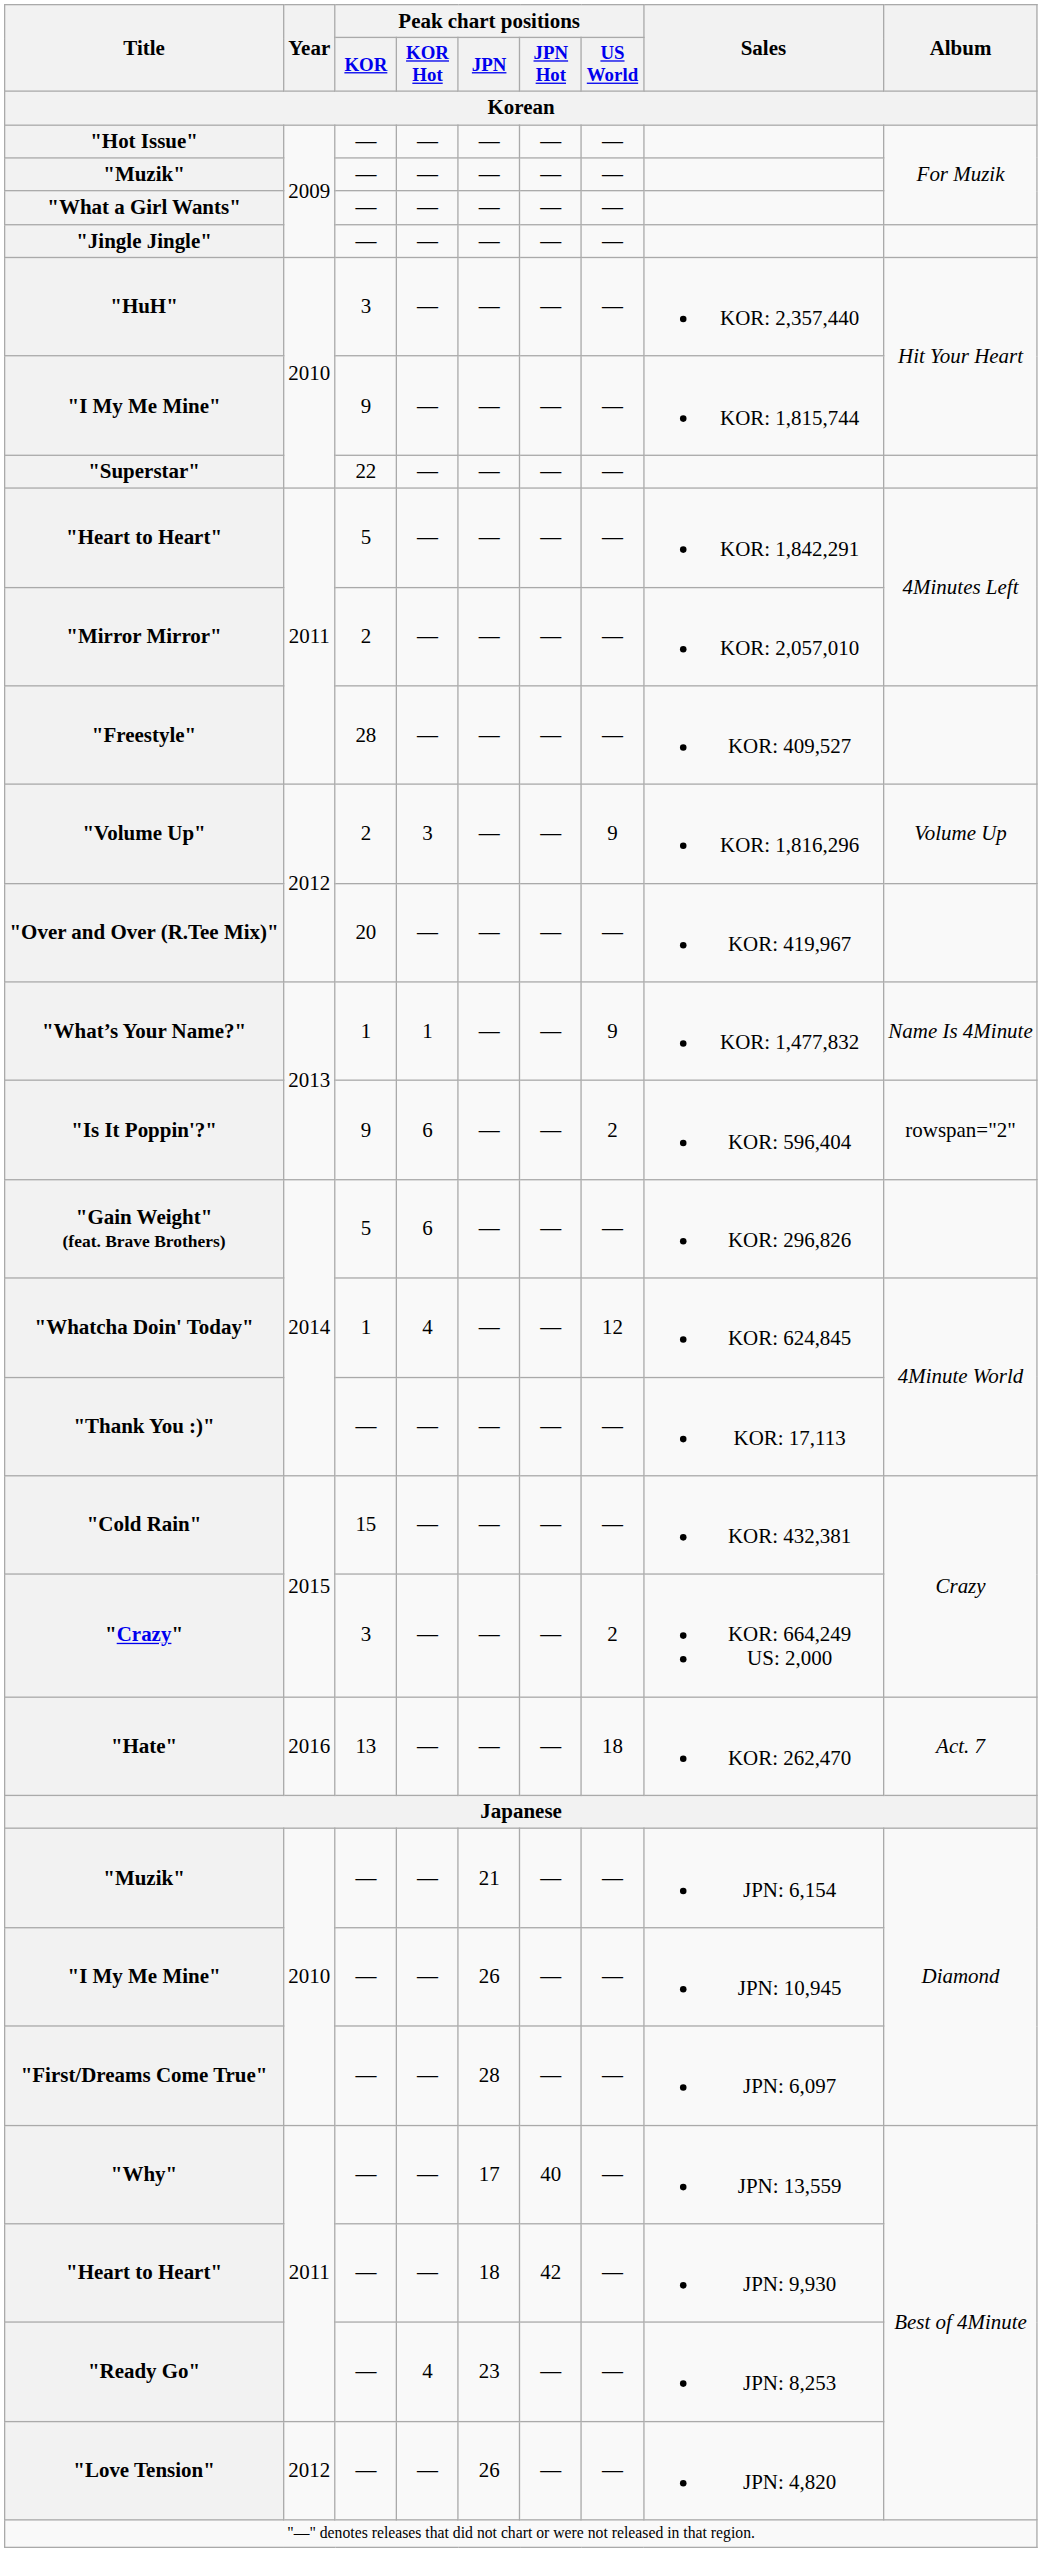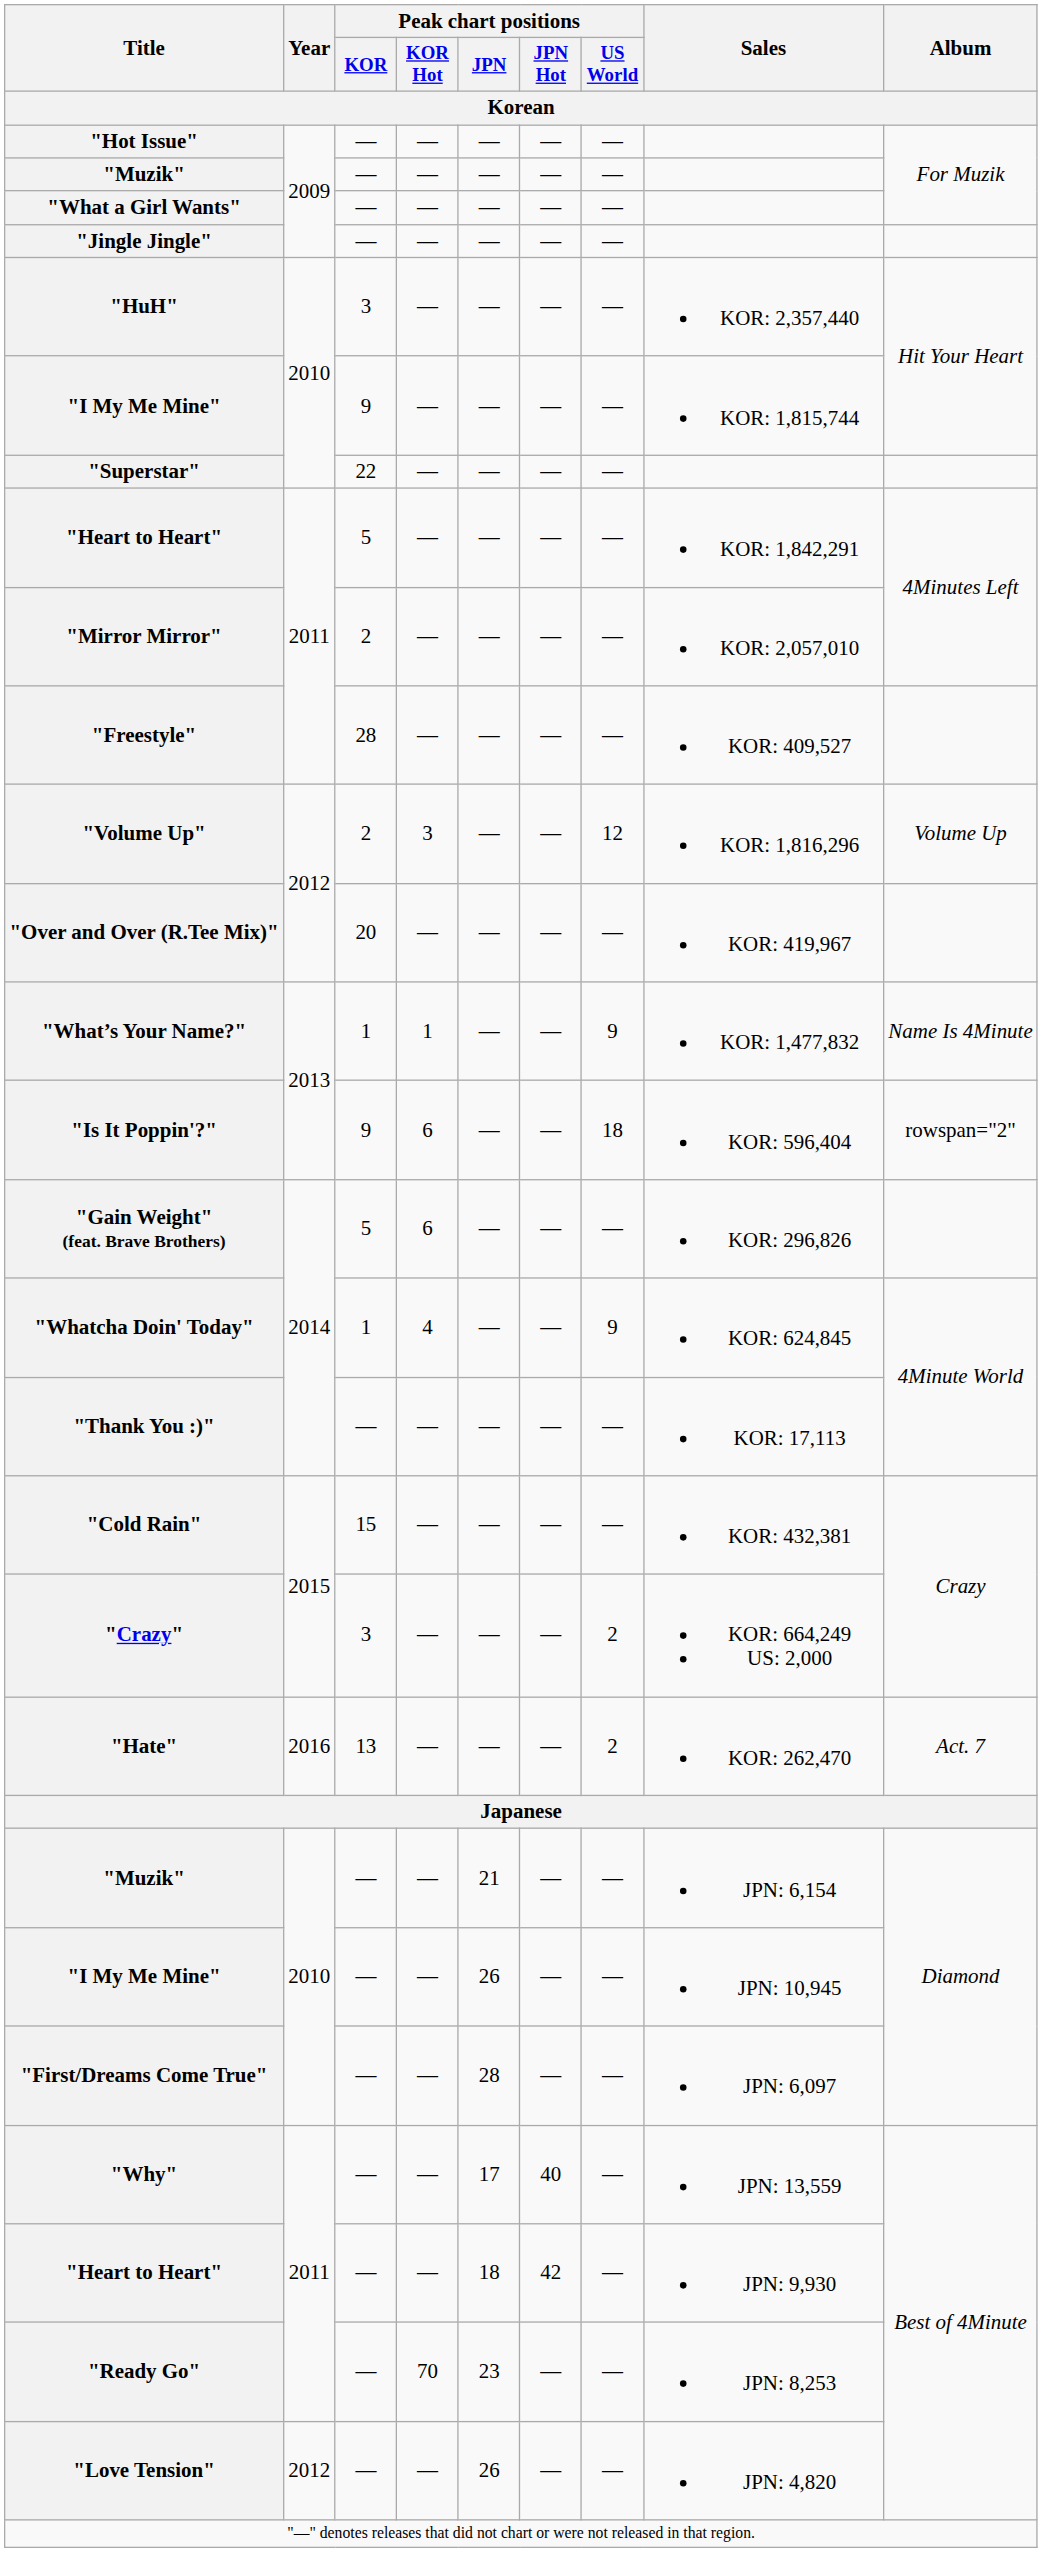 <table class="wikitable plainrowheaders" style="text-align:center;">
 <tr>
 <th rowspan="2" scope="col">Title</th>
 <th rowspan="2" scope="col">Year</th>
 <th scope="col" colspan="5">Peak chart positions</th>
 <th rowspan="2" scope="col" style="width:11em">Sales<br></th>
 <th rowspan="2" scope="col">Album</th>
 </tr>
 <tr>
 <th scope="col" style="width:2.8em;font-size:90%"><a href='#'>KOR</a> <br></th>
 <th scope="col" style="width:2.8em;font-size:90%"><a href='#'>KOR Hot</a><br></th>
 <th scope="col" style="width:2.8em;font-size:90%"><a href='#'>JPN</a><br></th>
 <th scope="col" style="width:2.8em;font-size:90%"><a href='#'>JPN Hot</a><br></th>
 <th scope="col" style="width:2.8em;font-size:90%"><a href='#'>US World</a><br></th>
 </tr>
 <tr>
 <th colspan="9">Korean</th>
 </tr>
 <tr>
 <th scope="row">"Hot Issue"</th>
 <td rowspan="4">2009</td>
 <td>—</td>
 <td>—</td>
 <td>—</td>
 <td>—</td>
 <td>—</td>
 <td></td>
 <td rowspan="3"><em>For Muzik</em></td>
 </tr>
 <tr>
 <th scope="row">"Muzik"</th>
 <td>—</td>
 <td>—</td>
 <td>—</td>
 <td>—</td>
 <td>—</td>
 <td></td>
 </tr>
 <tr>
 <th scope="row">"What a Girl Wants"</th>
 <td>—</td>
 <td>—</td>
 <td>—</td>
 <td>—</td>
 <td>—</td>
 <td></td>
 </tr>
 <tr>
 <th scope="row">"Jingle Jingle"</th>
 <td>—</td>
 <td>—</td>
 <td>—</td>
 <td>—</td>
 <td>—</td>
 <td></td>
 <td></td>
 </tr>
 <tr>
 <th scope="row">"HuH"</th>
 <td rowspan="3">2010</td>
 <td>3</td>
 <td>—</td>
 <td>—</td>
 <td>—</td>
 <td>—</td>
 <td><br><ul><li>KOR: 2,357,440</li></ul></td>
 <td rowspan="2"><em>Hit Your Heart</em></td>
 </tr>
 <tr>
 <th scope="row">"I My Me Mine"</th>
 <td>9</td>
 <td>—</td>
 <td>—</td>
 <td>—</td>
 <td>—</td>
 <td><br><ul><li>KOR: 1,815,744</li></ul></td>
 </tr>
 <tr>
 <th scope="row">"Superstar"</th>
 <td>22</td>
 <td>—</td>
 <td>—</td>
 <td>—</td>
 <td>—</td>
 <td></td>
 <td></td>
 </tr>
 <tr>
 <th scope="row">"Heart to Heart"</th>
 <td rowspan="3">2011</td>
 <td>5</td>
 <td>—</td>
 <td>—</td>
 <td>—</td>
 <td>—</td>
 <td><br><ul><li>KOR: 1,842,291</li></ul></td>
 <td rowspan="2"><em>4Minutes Left</em></td>
 </tr>
 <tr>
 <th scope="row">"Mirror Mirror" </th>
 <td>2</td>
 <td>—</td>
 <td>—</td>
 <td>—</td>
 <td>—</td>
 <td><br><ul><li>KOR: 2,057,010</li></ul></td>
 </tr>
 <tr>
 <th scope="row">"Freestyle"</th>
 <td>28</td>
 <td>—</td>
 <td>—</td>
 <td>—</td>
 <td>—</td>
 <td><br><ul><li>KOR: 409,527</li></ul></td>
 <td></td>
 </tr>
 <tr>
 <th scope="row">"Volume Up"</th>
 <td rowspan="2">2012</td>
 <td>2</td>
 <td>3</td>
 <td>—</td>
 <td>—</td>
-<td>9</td>
+<td>12</td>
 <td><br><ul><li>KOR: 1,816,296</li></ul></td>
 <td><em>Volume Up</em></td>
 </tr>
 <tr>
 <th scope="row">"Over and Over (R.Tee Mix)"</th>
 <td>20</td>
 <td>—</td>
 <td>—</td>
 <td>—</td>
 <td>—</td>
 <td><br><ul><li>KOR: 419,967</li></ul></td>
 <td></td>
 </tr>
 <tr>
 <th scope="row">"What’s Your Name?" </th>
 <td rowspan="2">2013</td>
 <td>1</td>
 <td>1</td>
 <td>—</td>
 <td>—</td>
 <td>9</td>
 <td><br><ul><li>KOR: 1,477,832</li></ul></td>
 <td><em>Name Is 4Minute</em></td>
 </tr>
 <tr>
 <th scope="row">"Is It Poppin'?" </th>
 <td>9</td>
 <td>6</td>
 <td>—</td>
 <td>—</td>
-<td>2</td>
+<td>18</td>
 <td><br><ul><li>KOR: 596,404</li></ul></td>
 <td>rowspan="2" </td>
 </tr>
 <tr>
 <th scope="row">"Gain Weight" <br><small>(feat. Brave Brothers)</small></th>
 <td rowspan="3">2014</td>
 <td>5</td>
 <td>6</td>
 <td>—</td>
 <td>—</td>
 <td>—</td>
 <td><br><ul><li>KOR: 296,826</li></ul></td>
 </tr>
 <tr>
 <th scope="row">"Whatcha Doin' Today" </th>
 <td>1</td>
 <td>4</td>
 <td>—</td>
 <td>—</td>
-<td>12</td>
+<td>9</td>
 <td><br><ul><li>KOR: 624,845</li></ul></td>
 <td rowspan="2"><em>4Minute World</em></td>
 </tr>
 <tr>
 <th scope="row">"Thank You :)" </th>
 <td>—</td>
 <td>—</td>
 <td>—</td>
 <td>—</td>
 <td>—</td>
 <td><br><ul><li>KOR: 17,113</li></ul></td>
 </tr>
 <tr>
 <th scope="row">"Cold Rain" </th>
 <td rowspan="2">2015</td>
 <td>15</td>
 <td>—</td>
 <td>—</td>
 <td>—</td>
 <td>—</td>
 <td><br><ul><li>KOR: 432,381</li></ul></td>
 <td rowspan="2"><em>Crazy</em></td>
 </tr>
 <tr>
 <th scope="row">"<a href='#'>Crazy</a>" </th>
 <td>3</td>
 <td>—</td>
 <td>—</td>
 <td>—</td>
 <td>2</td>
 <td><br><ul><li>KOR: 664,249</li><li>US: 2,000</li></ul></td>
 </tr>
 <tr>
 <th scope="row">"Hate" </th>
 <td>2016</td>
 <td>13</td>
 <td>—</td>
 <td>—</td>
 <td>—</td>
-<td>18</td>
+<td>2</td>
 <td><br><ul><li>KOR: 262,470</li></ul></td>
 <td><em>Act. 7</em></td>
 </tr>
 <tr>
 <th colspan="9">Japanese</th>
 </tr>
 <tr>
 <th scope="row">"Muzik"</th>
 <td rowspan="3">2010</td>
 <td>—</td>
 <td>—</td>
 <td>21</td>
 <td>—</td>
 <td>—</td>
 <td><br><ul><li>JPN: 6,154 </li></ul></td>
 <td rowspan="3"><em>Diamond</em></td>
 </tr>
 <tr>
 <th scope="row">"I My Me Mine"</th>
 <td>—</td>
 <td>—</td>
 <td>26</td>
 <td>—</td>
 <td>—</td>
 <td><br><ul><li>JPN: 10,945 </li></ul></td>
 </tr>
 <tr>
 <th scope="row">"First/Dreams Come True"</th>
 <td>—</td>
 <td>—</td>
 <td>28</td>
 <td>—</td>
 <td>—</td>
 <td><br><ul><li>JPN: 6,097 </li></ul></td>
 </tr>
 <tr>
 <th scope="row">"Why"</th>
 <td rowspan="3">2011</td>
 <td>—</td>
 <td>—</td>
 <td>17</td>
 <td>40</td>
 <td>—</td>
 <td><br><ul><li>JPN: 13,559 </li></ul></td>
 <td rowspan="4"><em>Best of 4Minute</em></td>
 </tr>
 <tr>
 <th scope="row">"Heart to Heart"</th>
 <td>—</td>
 <td>—</td>
 <td>18</td>
 <td>42</td>
 <td>—</td>
 <td><br><ul><li>JPN: 9,930 </li></ul></td>
 </tr>
 <tr>
 <th scope="row">"Ready Go"</th>
 <td>—</td>
-<td>4</td>
+<td>70</td>
 <td>23</td>
 <td>—</td>
 <td>—</td>
 <td><br><ul><li>JPN: 8,253 </li></ul></td>
 </tr>
 <tr>
 <th scope="row">"Love Tension"</th>
 <td>2012</td>
 <td>—</td>
 <td>—</td>
 <td>26</td>
 <td>—</td>
 <td>—</td>
 <td><br><ul><li>JPN: 4,820 </li></ul></td>
 </tr>
 <tr>
 <td colspan="9" style="font-size:9pt;">"—" denotes releases that did not chart or were not released in that region.</td>
 </tr>
 </table>
